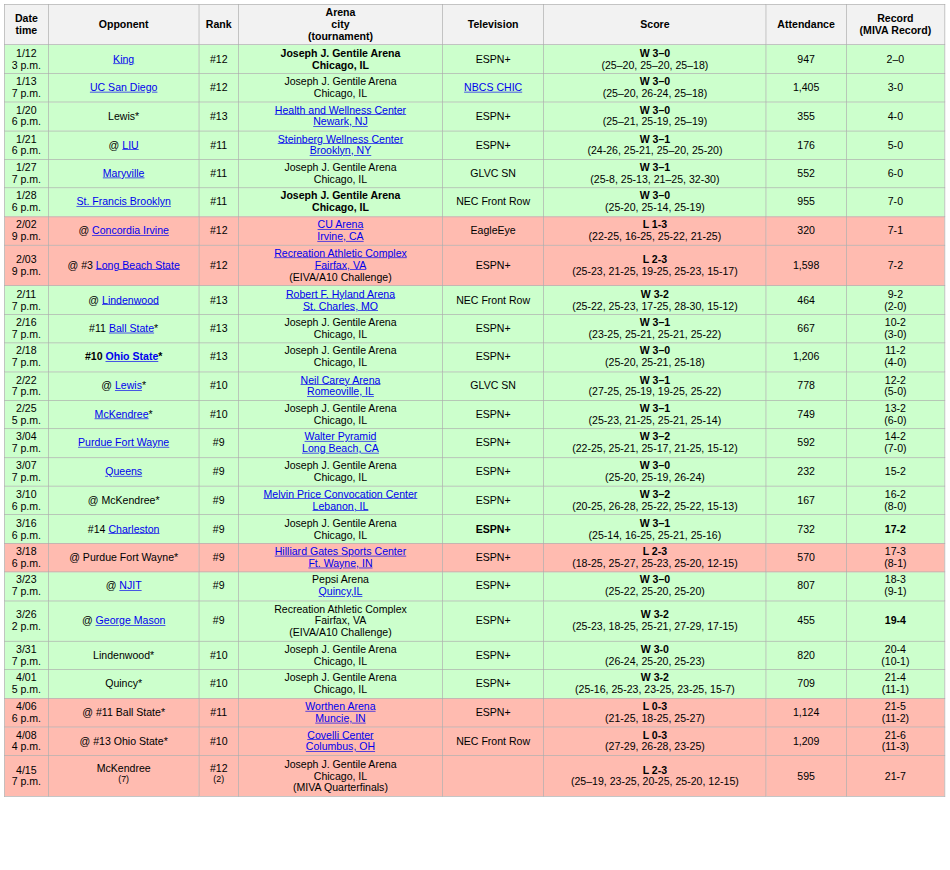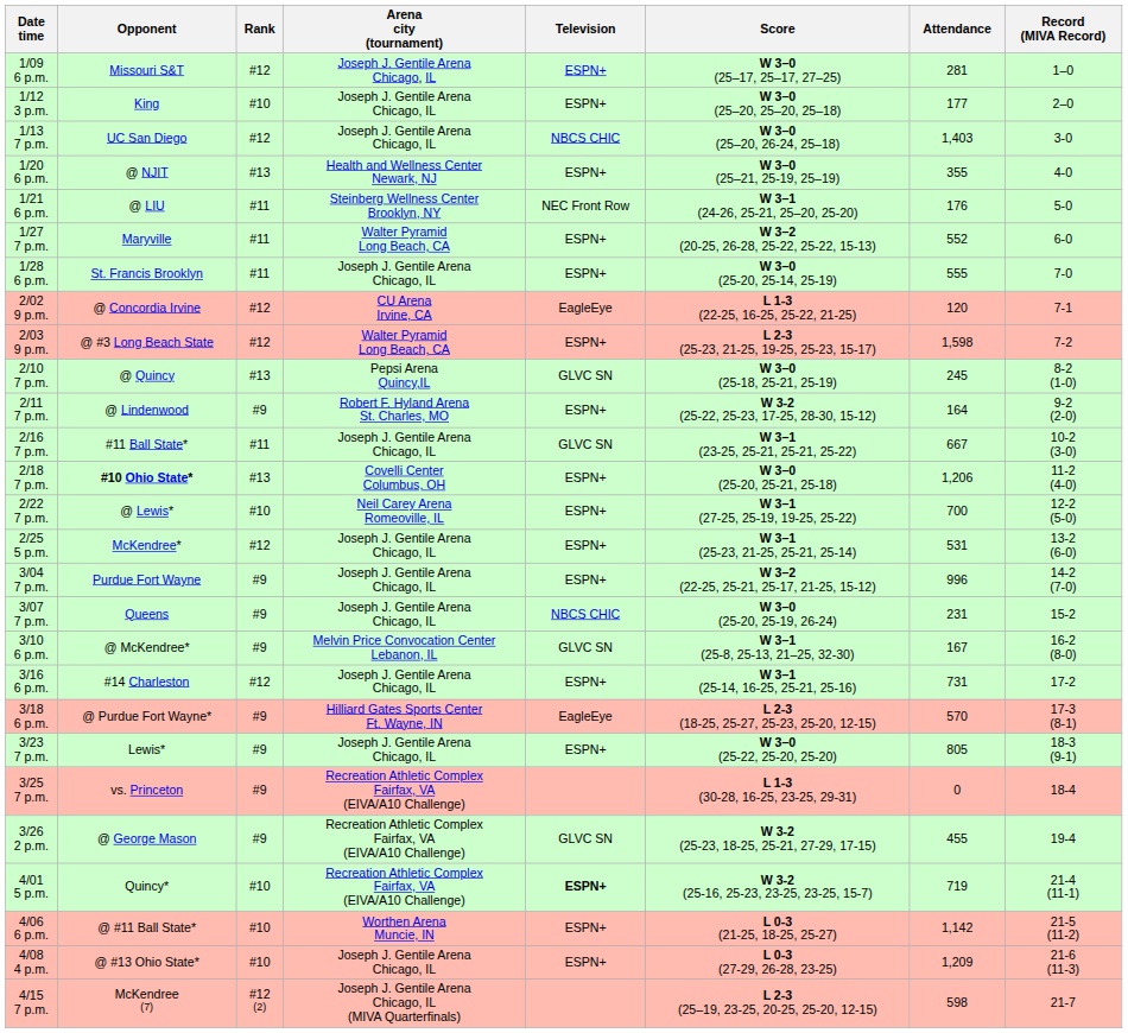 <table class="wikitable sortable" style="width:90%">
 <tr>
 <th>Date<br>time</th>
 <th>Opponent</th>
 <th>Rank</th>
 <th>Arena<br>city<br>(tournament)</th>
 <th>Television</th>
 <th>Score</th>
 <th>Attendance</th>
 <th>Record<br>(MIVA Record)</th>
 </tr>
 <tr align="center" bgcolor="#ccffcc">
+<td>1/09<br>6 p.m.</td>
+<td><a href='#'>Missouri S&T</a></td>
+<td>#12</td>
+<td><a href='#'>Joseph J. Gentile Arena</a><br><a href='#'>Chicago</a>, <a href='#'>IL</a></td>
+<td><a href='#'>ESPN+</a></td>
+<td><strong>W 3–0</strong><br>(25–17, 25–17, 27–25)</td>
+<td>281</td>
+<td>1–0</td>
+</tr>
+<tr align="center" bgcolor="#ccffcc">
 <td>1/12<br>3 p.m.</td>
 <td><a href='#'>King</a></td>
-<td>#12</td>
-<td><strong>Joseph J. Gentile Arena<br>Chicago, IL</strong></td>
+<td>#10</td>
+<td>Joseph J. Gentile Arena<br>Chicago, IL</td>
 <td>ESPN+</td>
 <td><strong>W 3–0</strong><br>(25–20, 25–20, 25–18)</td>
-<td>947</td>
+<td>177</td>
 <td>2–0</td>
 </tr>
 <tr align="center" bgcolor="#ccffcc">
 <td>1/13<br>7 p.m.</td>
 <td><a href='#'>UC San Diego</a></td>
 <td>#12</td>
 <td>Joseph J. Gentile Arena<br>Chicago, IL</td>
 <td><a href='#'>NBCS CHIC</a></td>
 <td><strong>W 3–0</strong><br>(25–20, 26-24, 25–18)</td>
-<td>1,405</td>
+<td>1,403</td>
 <td>3-0</td>
 </tr>
 <tr align="center" bgcolor="#ccffcc">
 <td>1/20<br>6 p.m.</td>
-<td>Lewis*</td>
+<td>@ <a href='#'>NJIT</a></td>
 <td>#13</td>
 <td><a href='#'>Health and Wellness Center</a><br><a href='#'>Newark, NJ</a></td>
 <td>ESPN+</td>
 <td><strong>W 3–0</strong><br>(25–21, 25-19, 25–19)</td>
 <td>355</td>
 <td>4-0</td>
 </tr>
 <tr align="center" bgcolor="#ccffcc">
 <td>1/21<br>6 p.m.</td>
 <td>@ <a href='#'>LIU</a></td>
 <td>#11</td>
 <td><a href='#'>Steinberg Wellness Center</a><br><a href='#'>Brooklyn, NY</a></td>
-<td>ESPN+</td>
+<td>NEC Front Row</td>
 <td><strong>W 3–1</strong><br>(24-26, 25-21, 25–20, 25-20)</td>
 <td>176</td>
 <td>5-0</td>
 </tr>
 <tr align="center" bgcolor="#ccffcc">
 <td>1/27<br>7 p.m.</td>
 <td><a href='#'>Maryville</a></td>
 <td>#11</td>
-<td>Joseph J. Gentile Arena<br>Chicago, IL</td>
-<td>GLVC SN</td>
-<td><strong>W 3–1</strong><br>(25-8, 25-13, 21–25, 32-30)</td>
+<td><a href='#'>Walter Pyramid</a><br><a href='#'>Long Beach, CA</a></td>
+<td>ESPN+</td>
+<td><strong>W 3–2</strong><br>(20-25, 26-28, 25-22, 25-22, 15-13)</td>
 <td>552</td>
 <td>6-0</td>
 </tr>
 <tr align="center" bgcolor="#ccffcc">
 <td>1/28<br>6 p.m.</td>
 <td><a href='#'>St. Francis Brooklyn</a></td>
 <td>#11</td>
-<td><strong>Joseph J. Gentile Arena<br>Chicago, IL</strong></td>
-<td>NEC Front Row</td>
+<td>Joseph J. Gentile Arena<br>Chicago, IL</td>
+<td>ESPN+</td>
 <td><strong>W 3–0</strong><br>(25-20, 25-14, 25-19)</td>
-<td>955</td>
+<td>555</td>
 <td>7-0</td>
 </tr>
 <tr align="center" bgcolor="#ffbbb">
 <td>2/02<br>9 p.m.</td>
 <td>@ <a href='#'>Concordia Irvine</a></td>
 <td>#12</td>
 <td><a href='#'>CU Arena</a><br><a href='#'>Irvine, CA</a></td>
 <td>EagleEye</td>
 <td><strong>L 1-3</strong><br>(22-25, 16-25, 25-22, 21-25)</td>
-<td>320</td>
+<td>120</td>
 <td>7-1</td>
 </tr>
 <tr align="center" bgcolor="#ffbbb">
 <td>2/03<br>9 p.m.</td>
 <td>@ #3 <a href='#'>Long Beach State</a></td>
 <td>#12</td>
-<td><a href='#'>Recreation Athletic Complex</a><br><a href='#'>Fairfax, VA</a><br>(EIVA/A10 Challenge)</td>
+<td><a href='#'>Walter Pyramid</a><br><a href='#'>Long Beach, CA</a></td>
 <td>ESPN+</td>
 <td><strong>L 2-3</strong><br>(25-23, 21-25, 19-25, 25-23, 15-17)</td>
 <td>1,598</td>
 <td>7-2</td>
 </tr>
 <tr align="center" bgcolor="#ccffcc">
+<td>2/10<br>7 p.m.</td>
+<td>@ <a href='#'>Quincy</a></td>
+<td>#13</td>
+<td>Pepsi Arena<br><a href='#'>Quincy,IL</a></td>
+<td>GLVC SN</td>
+<td><strong>W 3–0</strong><br>(25-18, 25-21, 25-19)</td>
+<td>245</td>
+<td>8-2<br>(1-0)</td>
+</tr>
+<tr align="center" bgcolor="#ccffcc">
 <td>2/11<br>7 p.m.</td>
 <td>@ <a href='#'>Lindenwood</a></td>
-<td>#13</td>
+<td>#9</td>
 <td><a href='#'>Robert F. Hyland Arena</a><br><a href='#'>St. Charles, MO</a></td>
-<td>NEC Front Row</td>
+<td>ESPN+</td>
 <td><strong>W 3-2</strong><br>(25-22, 25-23, 17-25, 28-30, 15-12)</td>
-<td>464</td>
+<td>164</td>
 <td>9-2<br>(2-0)</td>
 </tr>
 <tr align="center" bgcolor="#ccffcc">
 <td>2/16<br>7 p.m.</td>
 <td>#11 <a href='#'>Ball State</a>*</td>
-<td>#13</td>
+<td>#11</td>
 <td>Joseph J. Gentile Arena<br>Chicago, IL</td>
-<td>ESPN+</td>
+<td>GLVC SN</td>
 <td><strong>W 3–1</strong><br>(23-25, 25-21, 25-21, 25-22)</td>
 <td>667</td>
 <td>10-2<br>(3-0)</td>
 </tr>
 <tr align="center" bgcolor="#ccffcc">
 <td>2/18<br>7 p.m.</td>
 <td><strong>#10 <a href='#'>Ohio State</a>*</strong></td>
 <td>#13</td>
-<td>Joseph J. Gentile Arena<br>Chicago, IL</td>
+<td><a href='#'>Covelli Center</a><br><a href='#'>Columbus, OH</a></td>
 <td>ESPN+</td>
 <td><strong>W 3–0</strong><br>(25-20, 25-21, 25-18)</td>
 <td>1,206</td>
 <td>11-2<br>(4-0)</td>
 </tr>
 <tr align="center" bgcolor="#ccffcc">
 <td>2/22<br>7 p.m.</td>
 <td>@ <a href='#'>Lewis</a>*</td>
 <td>#10</td>
 <td><a href='#'>Neil Carey Arena</a><br><a href='#'>Romeoville, IL</a></td>
-<td>GLVC SN</td>
+<td>ESPN+</td>
 <td><strong>W 3–1</strong><br>(27-25, 25-19, 19-25, 25-22)</td>
-<td>778</td>
+<td>700</td>
 <td>12-2<br>(5-0)</td>
 </tr>
 <tr align="center" bgcolor="#ccffcc">
 <td>2/25<br>5 p.m.</td>
 <td><a href='#'>McKendree</a>*</td>
-<td>#10</td>
+<td>#12</td>
 <td>Joseph J. Gentile Arena<br>Chicago, IL</td>
 <td>ESPN+</td>
 <td><strong>W 3–1</strong><br>(25-23, 21-25, 25-21, 25-14)</td>
-<td>749</td>
+<td>531</td>
 <td>13-2<br>(6-0)</td>
 </tr>
 <tr align="center" bgcolor="#ccffcc">
 <td>3/04<br>7 p.m.</td>
 <td><a href='#'>Purdue Fort Wayne</a></td>
 <td>#9</td>
-<td><a href='#'>Walter Pyramid</a><br><a href='#'>Long Beach, CA</a></td>
+<td>Joseph J. Gentile Arena<br>Chicago, IL</td>
 <td>ESPN+</td>
 <td><strong>W 3–2</strong><br>(22-25, 25-21, 25-17, 21-25, 15-12)</td>
-<td>592</td>
+<td>996</td>
 <td>14-2<br>(7-0)</td>
 </tr>
 <tr align="center" bgcolor="#ccffcc">
 <td>3/07<br>7 p.m.</td>
 <td><a href='#'>Queens</a></td>
 <td>#9</td>
 <td>Joseph J. Gentile Arena<br>Chicago, IL</td>
-<td>ESPN+</td>
+<td><a href='#'>NBCS CHIC</a></td>
 <td><strong>W 3–0</strong><br>(25-20, 25-19, 26-24)</td>
-<td>232</td>
+<td>231</td>
 <td>15-2</td>
 </tr>
 <tr align="center" bgcolor="#ccffcc">
 <td>3/10<br>6 p.m.</td>
 <td>@ McKendree*</td>
 <td>#9</td>
 <td><a href='#'>Melvin Price Convocation Center</a><br><a href='#'>Lebanon, IL</a></td>
-<td>ESPN+</td>
-<td><strong>W 3–2</strong><br>(20-25, 26-28, 25-22, 25-22, 15-13)</td>
+<td>GLVC SN</td>
+<td><strong>W 3–1</strong><br>(25-8, 25-13, 21–25, 32-30)</td>
 <td>167</td>
 <td>16-2<br>(8-0)</td>
 </tr>
 <tr align="center" bgcolor="#ccffcc">
 <td>3/16<br>6 p.m.</td>
 <td>#14 <a href='#'>Charleston</a></td>
-<td>#9</td>
+<td>#12</td>
 <td>Joseph J. Gentile Arena<br>Chicago, IL</td>
-<td><strong>ESPN+</strong></td>
+<td>ESPN+</td>
 <td><strong>W 3–1</strong><br>(25-14, 16-25, 25-21, 25-16)</td>
-<td>732</td>
-<td><strong>17-2</strong></td>
+<td>731</td>
+<td>17-2</td>
 </tr>
 <tr align="center" bgcolor="#ffbbb">
 <td>3/18<br>6 p.m.</td>
 <td>@ Purdue Fort Wayne*</td>
 <td>#9</td>
 <td><a href='#'>Hilliard Gates Sports Center</a><br><a href='#'>Ft. Wayne, IN</a></td>
-<td>ESPN+</td>
+<td>EagleEye</td>
 <td><strong>L 2-3</strong><br>(18-25, 25-27, 25-23, 25-20, 12-15)</td>
 <td>570</td>
 <td>17-3<br>(8-1)</td>
 </tr>
 <tr align="center" bgcolor="#ccffcc">
 <td>3/23<br>7 p.m.</td>
-<td>@ <a href='#'>NJIT</a></td>
+<td>Lewis*</td>
 <td>#9</td>
-<td>Pepsi Arena<br><a href='#'>Quincy,IL</a></td>
+<td>Joseph J. Gentile Arena<br>Chicago, IL</td>
 <td>ESPN+</td>
 <td><strong>W 3–0</strong><br>(25-22, 25-20, 25-20)</td>
-<td>807</td>
+<td>805</td>
 <td>18-3<br>(9-1)</td>
+</tr>
+<tr align="center" bgcolor="#ffbbb">
+<td>3/25<br>7 p.m.</td>
+<td>vs. <a href='#'>Princeton</a></td>
+<td>#9</td>
+<td><a href='#'>Recreation Athletic Complex</a><br><a href='#'>Fairfax, VA</a><br>(EIVA/A10 Challenge)</td>
+<td></td>
+<td><strong>L 1-3</strong><br>(30-28, 16-25, 23-25, 29-31)</td>
+<td>0</td>
+<td>18-4</td>
 </tr>
 <tr align="center" bgcolor="#ccffcc">
 <td>3/26<br>2 p.m.</td>
 <td>@ <a href='#'>George Mason</a></td>
 <td>#9</td>
 <td>Recreation Athletic Complex<br>Fairfax, VA<br>(EIVA/A10 Challenge)</td>
-<td>ESPN+</td>
+<td>GLVC SN</td>
 <td><strong>W 3-2</strong><br>(25-23, 18-25, 25-21, 27-29, 17-15)</td>
 <td>455</td>
-<td><strong>19-4</strong></td>
-</tr>
-<tr align="center" bgcolor="#ccffcc">
-<td>3/31<br>7 p.m.</td>
-<td>Lindenwood*</td>
-<td>#10</td>
-<td>Joseph J. Gentile Arena<br>Chicago, IL</td>
-<td>ESPN+</td>
-<td><strong>W 3-0</strong><br>(26-24, 25-20, 25-23)</td>
-<td>820</td>
-<td>20-4<br>(10-1)</td>
+<td>19-4</td>
 </tr>
 <tr align="center" bgcolor="#ccffcc">
 <td>4/01<br>5 p.m.</td>
 <td>Quincy*</td>
 <td>#10</td>
-<td>Joseph J. Gentile Arena<br>Chicago, IL</td>
-<td>ESPN+</td>
+<td><a href='#'>Recreation Athletic Complex</a><br><a href='#'>Fairfax, VA</a><br>(EIVA/A10 Challenge)</td>
+<td><strong>ESPN+</strong></td>
 <td><strong>W 3-2</strong><br>(25-16, 25-23, 23-25, 23-25, 15-7)</td>
-<td>709</td>
+<td>719</td>
 <td>21-4<br>(11-1)</td>
 </tr>
 <tr align="center" bgcolor="#ffbbb">
 <td>4/06<br>6 p.m.</td>
 <td>@ #11 Ball State*</td>
-<td>#11</td>
+<td>#10</td>
 <td><a href='#'>Worthen Arena</a><br><a href='#'>Muncie, IN</a></td>
 <td>ESPN+</td>
 <td><strong>L 0-3</strong><br>(21-25, 18-25, 25-27)</td>
-<td>1,124</td>
+<td>1,142</td>
 <td>21-5<br>(11-2)</td>
 </tr>
 <tr align="center" bgcolor="#ffbbb">
 <td>4/08<br>4 p.m.</td>
 <td>@ #13 Ohio State*</td>
 <td>#10</td>
-<td><a href='#'>Covelli Center</a><br><a href='#'>Columbus, OH</a></td>
-<td>NEC Front Row</td>
+<td>Joseph J. Gentile Arena<br>Chicago, IL</td>
+<td>ESPN+</td>
 <td><strong>L 0-3</strong><br>(27-29, 26-28, 23-25)</td>
 <td>1,209</td>
 <td>21-6<br>(11-3)</td>
 </tr>
 <tr align="center" bgcolor="#ffbbb">
 <td>4/15<br>7 p.m.</td>
 <td>McKendree <br> <sup>(7)</sup></td>
 <td>#12 <br> <sup>(2)</sup></td>
 <td>Joseph J. Gentile Arena<br>Chicago, IL<br>(MIVA Quarterfinals)</td>
 <td></td>
 <td><strong>L 2-3</strong><br>(25–19, 23-25, 20-25, 25-20, 12-15)</td>
-<td>595</td>
+<td>598</td>
 <td>21-7</td>
 </tr>
 </table>
